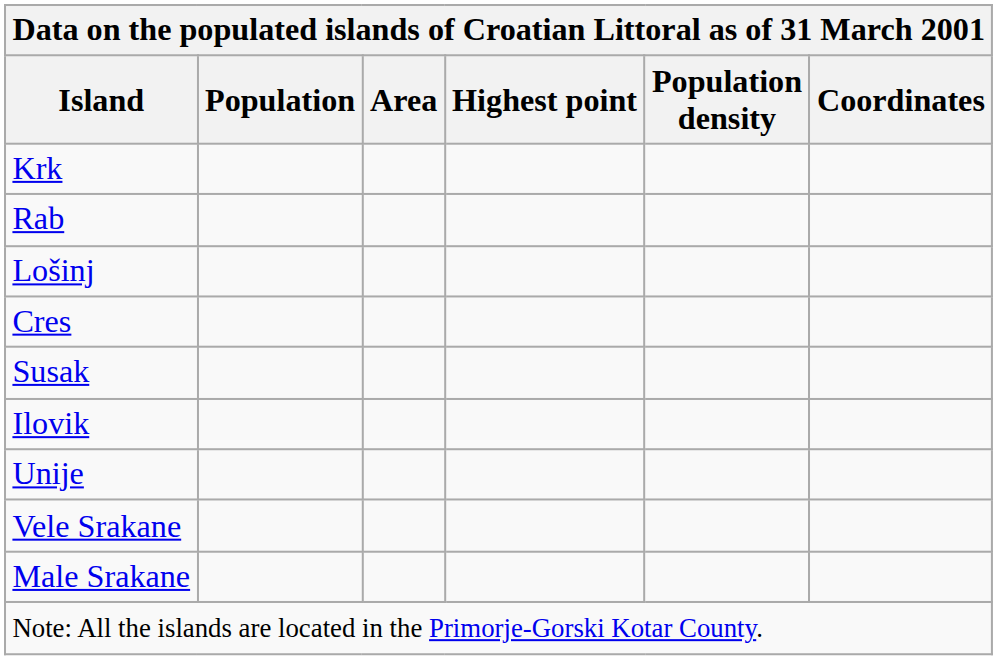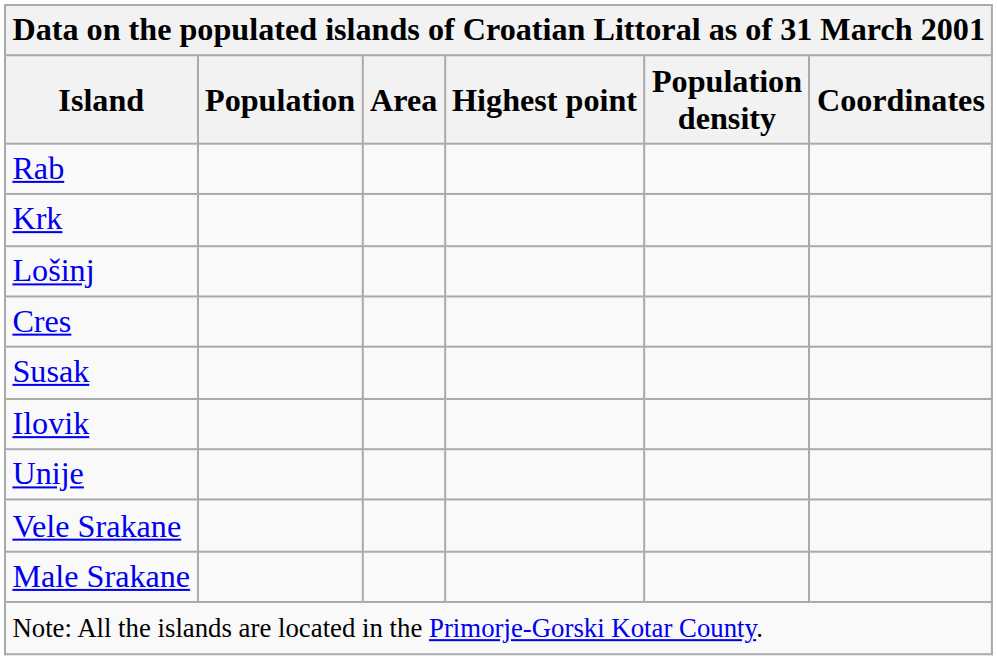 <table class="wikitable sortable">
 <tr>
 <th colspan=6>Data on the populated islands of Croatian Littoral as of 31 March 2001</th>
 </tr>
 <tr>
 <th scope=col>Island</th>
 <th scope=col>Population</th>
 <th scope=col>Area</th>
 <th scope=col>Highest point</th>
 <th scope=col>Population<br>density</th>
 <th scope=col>Coordinates</th>
 </tr>
 <tr>
-<td><a href='#'>Krk</a></td>
+<td><a href='#'>Rab</a></td>
 <td align="right"></td>
 <td align="right"></td>
 <td align="right"></td>
 <td align="right"></td>
 <td align="center"></td>
 </tr>
 <tr>
-<td><a href='#'>Rab</a></td>
+<td><a href='#'>Krk</a></td>
 <td align="right"></td>
 <td align="right"></td>
 <td align="right"></td>
 <td align="right"></td>
 <td align="center"></td>
 </tr>
 <tr>
 <td><a href='#'>Lošinj</a></td>
 <td align="right"></td>
 <td align="right"></td>
 <td align="right"></td>
 <td align="right"></td>
 <td align="center"></td>
 </tr>
 <tr>
 <td><a href='#'>Cres</a></td>
 <td align="right"></td>
 <td align="right"></td>
 <td align="right"></td>
 <td align="right"></td>
 <td align="center"></td>
 </tr>
 <tr>
 <td><a href='#'>Susak</a></td>
 <td align="right"></td>
 <td align="right"></td>
 <td align="right"></td>
 <td align="right"></td>
 <td align="center"></td>
 </tr>
 <tr>
 <td><a href='#'>Ilovik</a></td>
 <td align="right"></td>
 <td align="right"></td>
 <td align="right"></td>
 <td align="right"></td>
 <td align="center"></td>
 </tr>
 <tr>
 <td><a href='#'>Unije</a></td>
 <td align="right"></td>
 <td align="right"></td>
 <td align="right"></td>
 <td align="right"></td>
 <td align="center"></td>
 </tr>
 <tr>
 <td><a href='#'>Vele Srakane</a></td>
 <td align="right"></td>
 <td align="right"></td>
 <td align="right"></td>
 <td align="right"></td>
 <td align="center"></td>
 </tr>
 <tr>
 <td><a href='#'>Male Srakane</a></td>
 <td align="right"></td>
 <td align="right"></td>
 <td align="right"></td>
 <td align="right"></td>
 <td align="center"></td>
 </tr>
 <tr class="sortbottom">
 <td colspan=6><small>Note: All the islands are located in the <a href='#'>Primorje-Gorski Kotar County</a>.</small></td>
 </tr>
 </table>
